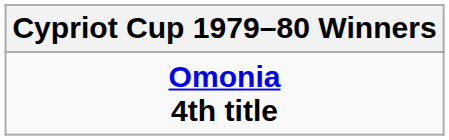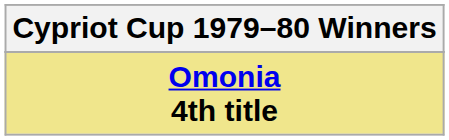 <table class="wikitable" style="text-align:center;margin: 0 auto;">
 <tr>
 <th>Cypriot Cup 1979–80 Winners</th>
 </tr>
 <tr>
 </tr>
 <tr>
-<td><strong><a href='#'>Omonia</a></strong><br><strong>4th title</strong></td>
+<td style="background: khaki;"><strong><a href='#'>Omonia</a></strong><br><strong>4th title</strong></td>
 </tr>
 </table>
